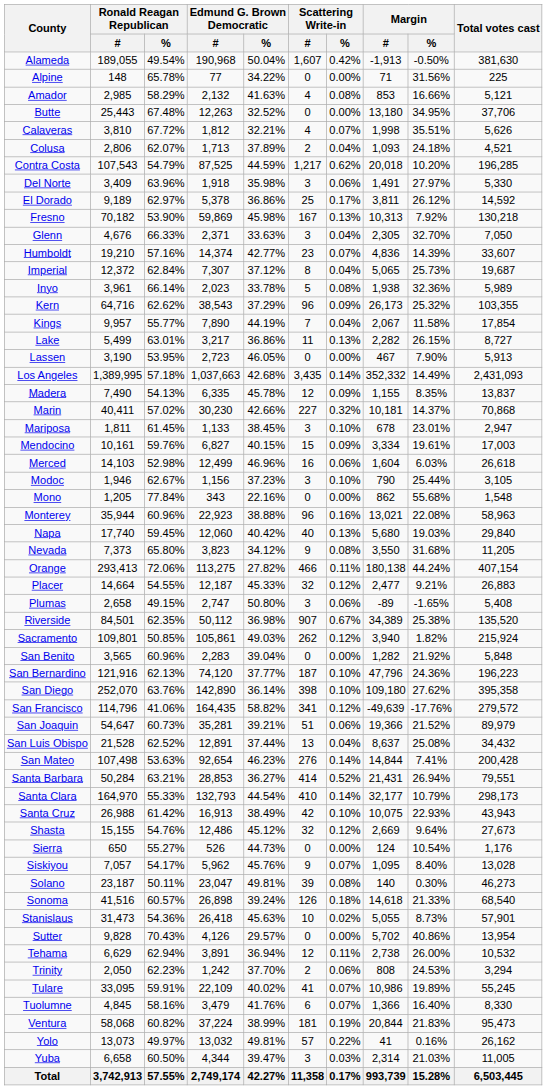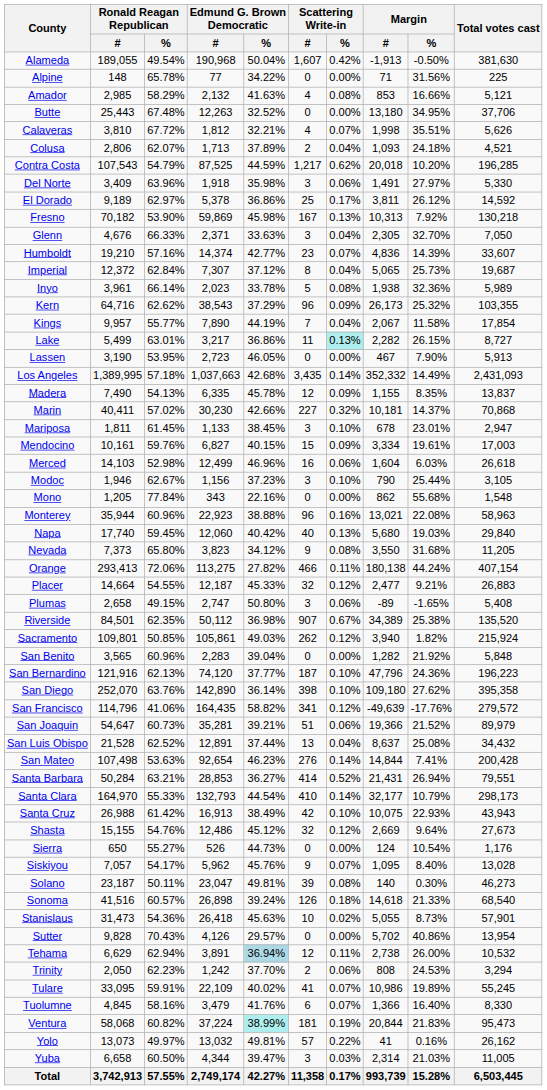 <table class="wikitable sortable" style="text-align:center">
 <tr>
 <th rowspan="2">County</th>
 <th style="text-align:center;" colspan="2">Ronald Reagan<br>Republican</th>
 <th style="text-align:center;" colspan="2">Edmund G. Brown<br>Democratic</th>
 <th style="text-align:center;" colspan="2">Scattering<br>Write-in</th>
 <th style="text-align:center;" colspan="2">Margin</th>
 <th style="text-align:center;" rowspan="2">Total votes cast</th>
 </tr>
 <tr>
 <th style="text-align:center;" data-sort-type="number">#</th>
 <th style="text-align:center;" data-sort-type="number">%</th>
 <th style="text-align:center;" data-sort-type="number">#</th>
 <th style="text-align:center;" data-sort-type="number">%</th>
 <th style="text-align:center;" data-sort-type="number">#</th>
 <th style="text-align:center;" data-sort-type="number">%</th>
 <th style="text-align:center;" data-sort-type="number">#</th>
 <th style="text-align:center;" data-sort-type="number">%</th>
 </tr>
 <tr style="text-align:center;">
 <td><a href='#'>Alameda</a></td>
 <td>189,055</td>
 <td>49.54%</td>
 <td>190,968</td>
 <td>50.04%</td>
 <td>1,607</td>
 <td>0.42%</td>
 <td>-1,913</td>
 <td>-0.50%</td>
 <td>381,630</td>
 </tr>
 <tr style="text-align:center;">
 <td><a href='#'>Alpine</a></td>
 <td>148</td>
 <td>65.78%</td>
 <td>77</td>
 <td>34.22%</td>
 <td>0</td>
 <td>0.00%</td>
 <td>71</td>
 <td>31.56%</td>
 <td>225</td>
 </tr>
 <tr style="text-align:center;">
 <td><a href='#'>Amador</a></td>
 <td>2,985</td>
 <td>58.29%</td>
 <td>2,132</td>
 <td>41.63%</td>
 <td>4</td>
 <td>0.08%</td>
 <td>853</td>
 <td>16.66%</td>
 <td>5,121</td>
 </tr>
 <tr style="text-align:center;">
 <td><a href='#'>Butte</a></td>
 <td>25,443</td>
 <td>67.48%</td>
 <td>12,263</td>
 <td>32.52%</td>
 <td>0</td>
 <td>0.00%</td>
 <td>13,180</td>
 <td>34.95%</td>
 <td>37,706</td>
 </tr>
 <tr style="text-align:center;">
 <td><a href='#'>Calaveras</a></td>
 <td>3,810</td>
 <td>67.72%</td>
 <td>1,812</td>
 <td>32.21%</td>
 <td>4</td>
 <td>0.07%</td>
 <td>1,998</td>
 <td>35.51%</td>
 <td>5,626</td>
 </tr>
 <tr style="text-align:center;">
 <td><a href='#'>Colusa</a></td>
 <td>2,806</td>
 <td>62.07%</td>
 <td>1,713</td>
 <td>37.89%</td>
 <td>2</td>
 <td>0.04%</td>
 <td>1,093</td>
 <td>24.18%</td>
 <td>4,521</td>
 </tr>
 <tr style="text-align:center;">
 <td><a href='#'>Contra Costa</a></td>
 <td>107,543</td>
 <td>54.79%</td>
 <td>87,525</td>
 <td>44.59%</td>
 <td>1,217</td>
 <td>0.62%</td>
 <td>20,018</td>
 <td>10.20%</td>
 <td>196,285</td>
 </tr>
 <tr style="text-align:center;">
 <td><a href='#'>Del Norte</a></td>
 <td>3,409</td>
 <td>63.96%</td>
 <td>1,918</td>
 <td>35.98%</td>
 <td>3</td>
 <td>0.06%</td>
 <td>1,491</td>
 <td>27.97%</td>
 <td>5,330</td>
 </tr>
 <tr style="text-align:center;">
 <td><a href='#'>El Dorado</a></td>
 <td>9,189</td>
 <td>62.97%</td>
 <td>5,378</td>
 <td>36.86%</td>
 <td>25</td>
 <td>0.17%</td>
 <td>3,811</td>
 <td>26.12%</td>
 <td>14,592</td>
 </tr>
 <tr style="text-align:center;">
 <td><a href='#'>Fresno</a></td>
 <td>70,182</td>
 <td>53.90%</td>
 <td>59,869</td>
 <td>45.98%</td>
 <td>167</td>
 <td>0.13%</td>
 <td>10,313</td>
 <td>7.92%</td>
 <td>130,218</td>
 </tr>
 <tr style="text-align:center;">
 <td><a href='#'>Glenn</a></td>
 <td>4,676</td>
 <td>66.33%</td>
 <td>2,371</td>
 <td>33.63%</td>
 <td>3</td>
 <td>0.04%</td>
 <td>2,305</td>
 <td>32.70%</td>
 <td>7,050</td>
 </tr>
 <tr style="text-align:center;">
 <td><a href='#'>Humboldt</a></td>
 <td>19,210</td>
 <td>57.16%</td>
 <td>14,374</td>
 <td>42.77%</td>
 <td>23</td>
 <td>0.07%</td>
 <td>4,836</td>
 <td>14.39%</td>
 <td>33,607</td>
 </tr>
 <tr style="text-align:center;">
 <td><a href='#'>Imperial</a></td>
 <td>12,372</td>
 <td>62.84%</td>
 <td>7,307</td>
 <td>37.12%</td>
 <td>8</td>
 <td>0.04%</td>
 <td>5,065</td>
 <td>25.73%</td>
 <td>19,687</td>
 </tr>
 <tr style="text-align:center;">
 <td><a href='#'>Inyo</a></td>
 <td>3,961</td>
 <td>66.14%</td>
 <td>2,023</td>
 <td>33.78%</td>
 <td>5</td>
 <td>0.08%</td>
 <td>1,938</td>
 <td>32.36%</td>
 <td>5,989</td>
 </tr>
 <tr style="text-align:center;">
 <td><a href='#'>Kern</a></td>
 <td>64,716</td>
 <td>62.62%</td>
 <td>38,543</td>
 <td>37.29%</td>
 <td>96</td>
 <td>0.09%</td>
 <td>26,173</td>
 <td>25.32%</td>
 <td>103,355</td>
 </tr>
 <tr style="text-align:center;">
 <td><a href='#'>Kings</a></td>
 <td>9,957</td>
 <td>55.77%</td>
 <td>7,890</td>
 <td>44.19%</td>
 <td>7</td>
 <td>0.04%</td>
 <td>2,067</td>
 <td>11.58%</td>
 <td>17,854</td>
 </tr>
 <tr style="text-align:center;">
 <td><a href='#'>Lake</a></td>
 <td>5,499</td>
 <td>63.01%</td>
 <td>3,217</td>
 <td>36.86%</td>
 <td>11</td>
-<td>0.13%</td>
+<td style="background: paleturquoise;">0.13%</td>
 <td>2,282</td>
 <td>26.15%</td>
 <td>8,727</td>
 </tr>
 <tr style="text-align:center;">
 <td><a href='#'>Lassen</a></td>
 <td>3,190</td>
 <td>53.95%</td>
 <td>2,723</td>
 <td>46.05%</td>
 <td>0</td>
 <td>0.00%</td>
 <td>467</td>
 <td>7.90%</td>
 <td>5,913</td>
 </tr>
 <tr style="text-align:center;">
 <td><a href='#'>Los Angeles</a></td>
 <td>1,389,995</td>
 <td>57.18%</td>
 <td>1,037,663</td>
 <td>42.68%</td>
 <td>3,435</td>
 <td>0.14%</td>
 <td>352,332</td>
 <td>14.49%</td>
 <td>2,431,093</td>
 </tr>
 <tr style="text-align:center;">
 <td><a href='#'>Madera</a></td>
 <td>7,490</td>
 <td>54.13%</td>
 <td>6,335</td>
 <td>45.78%</td>
 <td>12</td>
 <td>0.09%</td>
 <td>1,155</td>
 <td>8.35%</td>
 <td>13,837</td>
 </tr>
 <tr style="text-align:center;">
 <td><a href='#'>Marin</a></td>
 <td>40,411</td>
 <td>57.02%</td>
 <td>30,230</td>
 <td>42.66%</td>
 <td>227</td>
 <td>0.32%</td>
 <td>10,181</td>
 <td>14.37%</td>
 <td>70,868</td>
 </tr>
 <tr style="text-align:center;">
 <td><a href='#'>Mariposa</a></td>
 <td>1,811</td>
 <td>61.45%</td>
 <td>1,133</td>
 <td>38.45%</td>
 <td>3</td>
 <td>0.10%</td>
 <td>678</td>
 <td>23.01%</td>
 <td>2,947</td>
 </tr>
 <tr style="text-align:center;">
 <td><a href='#'>Mendocino</a></td>
 <td>10,161</td>
 <td>59.76%</td>
 <td>6,827</td>
 <td>40.15%</td>
 <td>15</td>
 <td>0.09%</td>
 <td>3,334</td>
 <td>19.61%</td>
 <td>17,003</td>
 </tr>
 <tr style="text-align:center;">
 <td><a href='#'>Merced</a></td>
 <td>14,103</td>
 <td>52.98%</td>
 <td>12,499</td>
 <td>46.96%</td>
 <td>16</td>
 <td>0.06%</td>
 <td>1,604</td>
 <td>6.03%</td>
 <td>26,618</td>
 </tr>
 <tr style="text-align:center;">
 <td><a href='#'>Modoc</a></td>
 <td>1,946</td>
 <td>62.67%</td>
 <td>1,156</td>
 <td>37.23%</td>
 <td>3</td>
 <td>0.10%</td>
 <td>790</td>
 <td>25.44%</td>
 <td>3,105</td>
 </tr>
 <tr style="text-align:center;">
 <td><a href='#'>Mono</a></td>
 <td>1,205</td>
 <td>77.84%</td>
 <td>343</td>
 <td>22.16%</td>
 <td>0</td>
 <td>0.00%</td>
 <td>862</td>
 <td>55.68%</td>
 <td>1,548</td>
 </tr>
 <tr style="text-align:center;">
 <td><a href='#'>Monterey</a></td>
 <td>35,944</td>
 <td>60.96%</td>
 <td>22,923</td>
 <td>38.88%</td>
 <td>96</td>
 <td>0.16%</td>
 <td>13,021</td>
 <td>22.08%</td>
 <td>58,963</td>
 </tr>
 <tr style="text-align:center;">
 <td><a href='#'>Napa</a></td>
 <td>17,740</td>
 <td>59.45%</td>
 <td>12,060</td>
 <td>40.42%</td>
 <td>40</td>
 <td>0.13%</td>
 <td>5,680</td>
 <td>19.03%</td>
 <td>29,840</td>
 </tr>
 <tr style="text-align:center;">
 <td><a href='#'>Nevada</a></td>
 <td>7,373</td>
 <td>65.80%</td>
 <td>3,823</td>
 <td>34.12%</td>
 <td>9</td>
 <td>0.08%</td>
 <td>3,550</td>
 <td>31.68%</td>
 <td>11,205</td>
 </tr>
 <tr style="text-align:center;">
 <td><a href='#'>Orange</a></td>
 <td>293,413</td>
 <td>72.06%</td>
 <td>113,275</td>
 <td>27.82%</td>
 <td>466</td>
 <td>0.11%</td>
 <td>180,138</td>
 <td>44.24%</td>
 <td>407,154</td>
 </tr>
 <tr style="text-align:center;">
 <td><a href='#'>Placer</a></td>
 <td>14,664</td>
 <td>54.55%</td>
 <td>12,187</td>
 <td>45.33%</td>
 <td>32</td>
 <td>0.12%</td>
 <td>2,477</td>
 <td>9.21%</td>
 <td>26,883</td>
 </tr>
 <tr style="text-align:center;">
 <td><a href='#'>Plumas</a></td>
 <td>2,658</td>
 <td>49.15%</td>
 <td>2,747</td>
 <td>50.80%</td>
 <td>3</td>
 <td>0.06%</td>
 <td>-89</td>
 <td>-1.65%</td>
 <td>5,408</td>
 </tr>
 <tr style="text-align:center;">
 <td><a href='#'>Riverside</a></td>
 <td>84,501</td>
 <td>62.35%</td>
 <td>50,112</td>
 <td>36.98%</td>
 <td>907</td>
 <td>0.67%</td>
 <td>34,389</td>
 <td>25.38%</td>
 <td>135,520</td>
 </tr>
 <tr style="text-align:center;">
 <td><a href='#'>Sacramento</a></td>
 <td>109,801</td>
 <td>50.85%</td>
 <td>105,861</td>
 <td>49.03%</td>
 <td>262</td>
 <td>0.12%</td>
 <td>3,940</td>
 <td>1.82%</td>
 <td>215,924</td>
 </tr>
 <tr style="text-align:center;">
 <td><a href='#'>San Benito</a></td>
 <td>3,565</td>
 <td>60.96%</td>
 <td>2,283</td>
 <td>39.04%</td>
 <td>0</td>
 <td>0.00%</td>
 <td>1,282</td>
 <td>21.92%</td>
 <td>5,848</td>
 </tr>
 <tr style="text-align:center;">
 <td><a href='#'>San Bernardino</a></td>
 <td>121,916</td>
 <td>62.13%</td>
 <td>74,120</td>
 <td>37.77%</td>
 <td>187</td>
 <td>0.10%</td>
 <td>47,796</td>
 <td>24.36%</td>
 <td>196,223</td>
 </tr>
 <tr style="text-align:center;">
 <td><a href='#'>San Diego</a></td>
 <td>252,070</td>
 <td>63.76%</td>
 <td>142,890</td>
 <td>36.14%</td>
 <td>398</td>
 <td>0.10%</td>
 <td>109,180</td>
 <td>27.62%</td>
 <td>395,358</td>
 </tr>
 <tr style="text-align:center;">
 <td><a href='#'>San Francisco</a></td>
 <td>114,796</td>
 <td>41.06%</td>
 <td>164,435</td>
 <td>58.82%</td>
 <td>341</td>
 <td>0.12%</td>
 <td>-49,639</td>
 <td>-17.76%</td>
 <td>279,572</td>
 </tr>
 <tr style="text-align:center;">
 <td><a href='#'>San Joaquin</a></td>
 <td>54,647</td>
 <td>60.73%</td>
 <td>35,281</td>
 <td>39.21%</td>
 <td>51</td>
 <td>0.06%</td>
 <td>19,366</td>
 <td>21.52%</td>
 <td>89,979</td>
 </tr>
 <tr style="text-align:center;">
 <td><a href='#'>San Luis Obispo</a></td>
 <td>21,528</td>
 <td>62.52%</td>
 <td>12,891</td>
 <td>37.44%</td>
 <td>13</td>
 <td>0.04%</td>
 <td>8,637</td>
 <td>25.08%</td>
 <td>34,432</td>
 </tr>
 <tr style="text-align:center;">
 <td><a href='#'>San Mateo</a></td>
 <td>107,498</td>
 <td>53.63%</td>
 <td>92,654</td>
 <td>46.23%</td>
 <td>276</td>
 <td>0.14%</td>
 <td>14,844</td>
 <td>7.41%</td>
 <td>200,428</td>
 </tr>
 <tr style="text-align:center;">
 <td><a href='#'>Santa Barbara</a></td>
 <td>50,284</td>
 <td>63.21%</td>
 <td>28,853</td>
 <td>36.27%</td>
 <td>414</td>
 <td>0.52%</td>
 <td>21,431</td>
 <td>26.94%</td>
 <td>79,551</td>
 </tr>
 <tr style="text-align:center;">
 <td><a href='#'>Santa Clara</a></td>
 <td>164,970</td>
 <td>55.33%</td>
 <td>132,793</td>
 <td>44.54%</td>
 <td>410</td>
 <td>0.14%</td>
 <td>32,177</td>
 <td>10.79%</td>
 <td>298,173</td>
 </tr>
 <tr style="text-align:center;">
 <td><a href='#'>Santa Cruz</a></td>
 <td>26,988</td>
 <td>61.42%</td>
 <td>16,913</td>
 <td>38.49%</td>
 <td>42</td>
 <td>0.10%</td>
 <td>10,075</td>
 <td>22.93%</td>
 <td>43,943</td>
 </tr>
 <tr style="text-align:center;">
 <td><a href='#'>Shasta</a></td>
 <td>15,155</td>
 <td>54.76%</td>
 <td>12,486</td>
 <td>45.12%</td>
 <td>32</td>
 <td>0.12%</td>
 <td>2,669</td>
 <td>9.64%</td>
 <td>27,673</td>
 </tr>
 <tr style="text-align:center;">
 <td><a href='#'>Sierra</a></td>
 <td>650</td>
 <td>55.27%</td>
 <td>526</td>
 <td>44.73%</td>
 <td>0</td>
 <td>0.00%</td>
 <td>124</td>
 <td>10.54%</td>
 <td>1,176</td>
 </tr>
 <tr style="text-align:center;">
 <td><a href='#'>Siskiyou</a></td>
 <td>7,057</td>
 <td>54.17%</td>
 <td>5,962</td>
 <td>45.76%</td>
 <td>9</td>
 <td>0.07%</td>
 <td>1,095</td>
 <td>8.40%</td>
 <td>13,028</td>
 </tr>
 <tr style="text-align:center;">
 <td><a href='#'>Solano</a></td>
 <td>23,187</td>
 <td>50.11%</td>
 <td>23,047</td>
 <td>49.81%</td>
 <td>39</td>
 <td>0.08%</td>
 <td>140</td>
 <td>0.30%</td>
 <td>46,273</td>
 </tr>
 <tr style="text-align:center;">
 <td><a href='#'>Sonoma</a></td>
 <td>41,516</td>
 <td>60.57%</td>
 <td>26,898</td>
 <td>39.24%</td>
 <td>126</td>
 <td>0.18%</td>
 <td>14,618</td>
 <td>21.33%</td>
 <td>68,540</td>
 </tr>
 <tr style="text-align:center;">
 <td><a href='#'>Stanislaus</a></td>
 <td>31,473</td>
 <td>54.36%</td>
 <td>26,418</td>
 <td>45.63%</td>
 <td>10</td>
 <td>0.02%</td>
 <td>5,055</td>
 <td>8.73%</td>
 <td>57,901</td>
 </tr>
 <tr style="text-align:center;">
 <td><a href='#'>Sutter</a></td>
 <td>9,828</td>
 <td>70.43%</td>
 <td>4,126</td>
 <td>29.57%</td>
 <td>0</td>
 <td>0.00%</td>
 <td>5,702</td>
 <td>40.86%</td>
 <td>13,954</td>
 </tr>
 <tr style="text-align:center;">
 <td><a href='#'>Tehama</a></td>
 <td>6,629</td>
 <td>62.94%</td>
 <td>3,891</td>
-<td>36.94%</td>
+<td style="background: lightblue;">36.94%</td>
 <td>12</td>
 <td>0.11%</td>
 <td>2,738</td>
 <td>26.00%</td>
 <td>10,532</td>
 </tr>
 <tr style="text-align:center;">
 <td><a href='#'>Trinity</a></td>
 <td>2,050</td>
 <td>62.23%</td>
 <td>1,242</td>
 <td>37.70%</td>
 <td>2</td>
 <td>0.06%</td>
 <td>808</td>
 <td>24.53%</td>
 <td>3,294</td>
 </tr>
 <tr style="text-align:center;">
 <td><a href='#'>Tulare</a></td>
 <td>33,095</td>
 <td>59.91%</td>
 <td>22,109</td>
 <td>40.02%</td>
 <td>41</td>
 <td>0.07%</td>
 <td>10,986</td>
 <td>19.89%</td>
 <td>55,245</td>
 </tr>
 <tr style="text-align:center;">
 <td><a href='#'>Tuolumne</a></td>
 <td>4,845</td>
 <td>58.16%</td>
 <td>3,479</td>
 <td>41.76%</td>
 <td>6</td>
 <td>0.07%</td>
 <td>1,366</td>
 <td>16.40%</td>
 <td>8,330</td>
 </tr>
 <tr style="text-align:center;">
 <td><a href='#'>Ventura</a></td>
 <td>58,068</td>
 <td>60.82%</td>
 <td>37,224</td>
-<td>38.99%</td>
+<td style="background: paleturquoise;">38.99%</td>
 <td>181</td>
 <td>0.19%</td>
 <td>20,844</td>
 <td>21.83%</td>
 <td>95,473</td>
 </tr>
 <tr style="text-align:center;">
 <td><a href='#'>Yolo</a></td>
 <td>13,073</td>
 <td>49.97%</td>
 <td>13,032</td>
 <td>49.81%</td>
 <td>57</td>
 <td>0.22%</td>
 <td>41</td>
 <td>0.16%</td>
 <td>26,162</td>
 </tr>
 <tr style="text-align:center;">
 <td><a href='#'>Yuba</a></td>
 <td>6,658</td>
 <td>60.50%</td>
 <td>4,344</td>
 <td>39.47%</td>
 <td>3</td>
 <td>0.03%</td>
 <td>2,314</td>
 <td>21.03%</td>
 <td>11,005</td>
 </tr>
 <tr style="text-align:center;">
 <th>Total</th>
 <th>3,742,913</th>
 <th>57.55%</th>
 <th>2,749,174</th>
 <th>42.27%</th>
 <th>11,358</th>
 <th>0.17%</th>
 <th>993,739</th>
 <th>15.28%</th>
 <th>6,503,445</th>
 </tr>
 </table>
